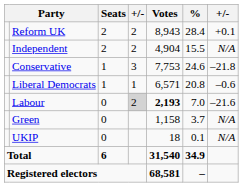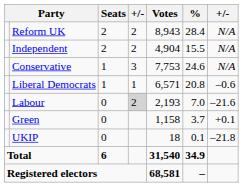 <table class="wikitable sortable">
 <tr>
 <th colspan="2">Party</th>
 <th>Seats</th>
 <th>+/-</th>
 <th>Votes</th>
 <th>%</th>
 <th>+/-</th>
 </tr>
 <tr>
 <td style="background-color: "></td>
 <td><a href='#'>Reform UK</a></td>
 <td>2</td>
 <td> 2</td>
 <td style="text-align:right;">8,943</td>
 <td style="text-align:right;">28.4</td>
-<td style="text-align:right;">+0.1</td>
+<td style="text-align:right;"><em>N/A</em></td>
 </tr>
 <tr>
 <td style="background-color: "></td>
 <td><a href='#'>Independent</a></td>
 <td>2</td>
 <td> 2</td>
 <td style="text-align:right;">4,904</td>
 <td style="text-align:right;">15.5</td>
 <td style="text-align:right;"><em>N/A</em></td>
 </tr>
 <tr>
 <td style="background-color: "></td>
 <td><a href='#'>Conservative</a></td>
 <td>1</td>
 <td> 3</td>
 <td style="text-align:right;">7,753</td>
 <td style="text-align:right;">24.6</td>
-<td style="text-align:right;">–21.8</td>
+<td style="text-align:right;"><em>N/A</em></td>
 </tr>
 <tr>
 <td style="background-color: "></td>
 <td><a href='#'>Liberal Democrats</a></td>
 <td>1</td>
 <td> 1</td>
 <td style="text-align:right;">6,571</td>
 <td style="text-align:right;">20.8</td>
 <td style="text-align:right;">–0.6</td>
 </tr>
 <tr>
 <td style="background-color: "></td>
 <td><a href='#'>Labour</a></td>
 <td>0</td>
 <td style="background: lightgrey;"> 2</td>
-<td style="text-align:right;"><strong>2,193</strong></td>
+<td style="text-align:right;">2,193</td>
 <td style="text-align:right;">7.0</td>
 <td style="text-align:right;">–21.6</td>
 </tr>
 <tr>
 <td style="background-color: "></td>
 <td><a href='#'>Green</a></td>
 <td>0</td>
 <td></td>
 <td style="text-align:right;">1,158</td>
 <td style="text-align:right;">3.7</td>
-<td style="text-align:right;"><em>N/A</em></td>
+<td style="text-align:right;">+0.1</td>
 </tr>
 <tr>
 <td style="background-color: "></td>
 <td><a href='#'>UKIP</a></td>
 <td>0</td>
 <td></td>
 <td style="text-align:right;">18</td>
 <td style="text-align:right;">0.1</td>
-<td style="text-align:right;"><em>N/A</em></td>
+<td style="text-align:right;">–21.8</td>
 </tr>
 <tr>
 <td colspan="2"><strong>Total</strong></td>
 <td><strong>6</strong></td>
 <td></td>
 <td style="text-align:right;"><strong>31,540</strong></td>
 <td style="text-align:right;"><strong>34.9</strong></td>
 <td style="text-align:right;"></td>
 </tr>
 <tr>
 <td colspan="4"><strong>Registered electors</strong></td>
 <td style="text-align:right;"><strong>68,581</strong></td>
 <td style="text-align:right;"><strong>–</strong></td>
 <td style="text-align:right;"></td>
 </tr>
 </table>
